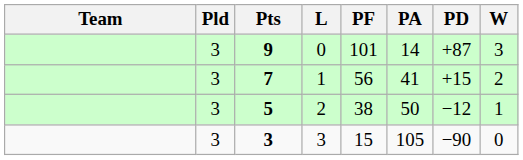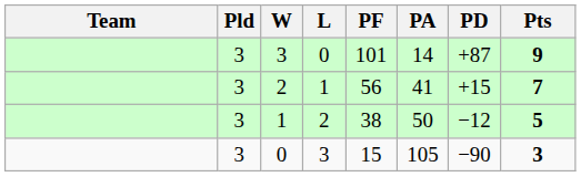 <table class="wikitable" style="text-align:center;">
 <tr>
 <th width="155">Team</th>
 <th width="25">Pld</th>
-<th width="50">Pts</th>
+<th width="25">W</th>
 <th width="25">L</th>
 <th width="32">PF</th>
 <th width="32">PA</th>
 <th width="32">PD</th>
-<th width="25">W</th>
+<th width="50">Pts</th>
 </tr>
 <tr style="background:#ccffcc">
 <td align="left"></td>
 <td>3</td>
-<td><strong>9</strong></td>
+<td>3</td>
 <td>0</td>
 <td>101</td>
 <td>14</td>
 <td>+87</td>
-<td>3</td>
+<td><strong>9</strong></td>
 </tr>
 <tr style="background:#ccffcc">
 <td align="left"></td>
 <td>3</td>
-<td><strong>7</strong></td>
+<td>2</td>
 <td>1</td>
 <td>56</td>
 <td>41</td>
 <td>+15</td>
-<td>2</td>
+<td><strong>7</strong></td>
 </tr>
 <tr style="background:#ccffcc">
 <td align="left"></td>
 <td>3</td>
-<td><strong>5</strong></td>
+<td>1</td>
 <td>2</td>
 <td>38</td>
 <td>50</td>
 <td>−12</td>
-<td>1</td>
+<td><strong>5</strong></td>
 </tr>
 <tr>
 <td align="left"></td>
 <td>3</td>
-<td><strong>3</strong></td>
+<td>0</td>
 <td>3</td>
 <td>15</td>
 <td>105</td>
 <td>−90</td>
-<td>0</td>
+<td><strong>3</strong></td>
 </tr>
 </table>
